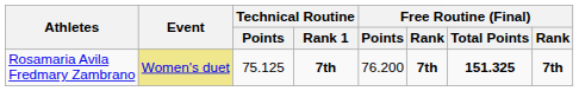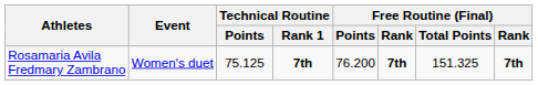 <table class=wikitable style="font-size:90%">
 <tr>
 <th rowspan="2">Athletes</th>
 <th rowspan="2">Event</th>
 <th colspan="2">Technical Routine</th>
 <th colspan="4">Free Routine (Final)</th>
 </tr>
 <tr>
 <th>Points</th>
 <th>Rank 1</th>
 <th>Points</th>
 <th>Rank</th>
 <th>Total Points</th>
 <th>Rank</th>
 </tr>
 <tr>
 <td><a href='#'>Rosamaria Avila</a><br><a href='#'>Fredmary Zambrano</a></td>
-<td style="background: khaki;"><a href='#'>Women's duet</a></td>
+<td><a href='#'>Women's duet</a></td>
 <td align=center>75.125</td>
 <td align=center><strong>7th</strong></td>
 <td align=center>76.200</td>
 <td align=center><strong>7th</strong></td>
-<td align=center><strong>151.325</strong></td>
+<td align=center>151.325</td>
 <td align=center><strong>7th</strong></td>
 </tr>
 </table>
